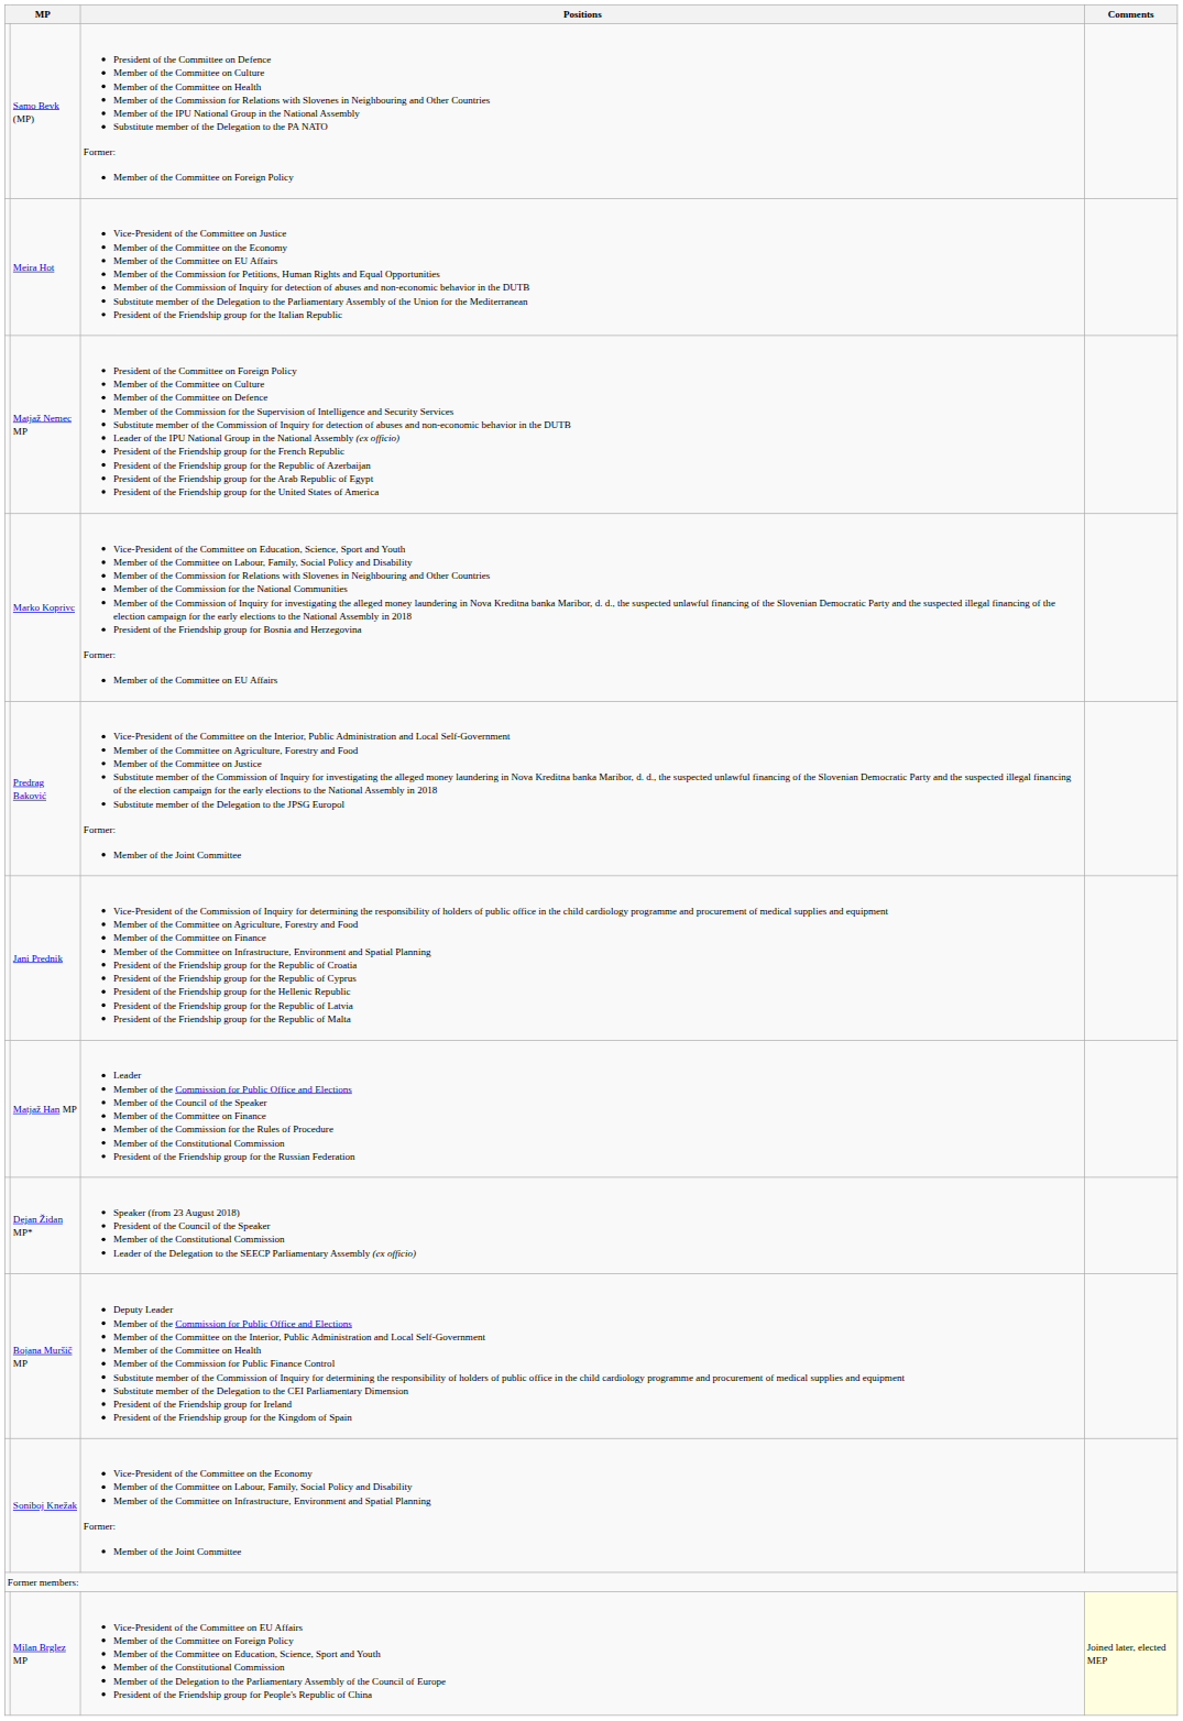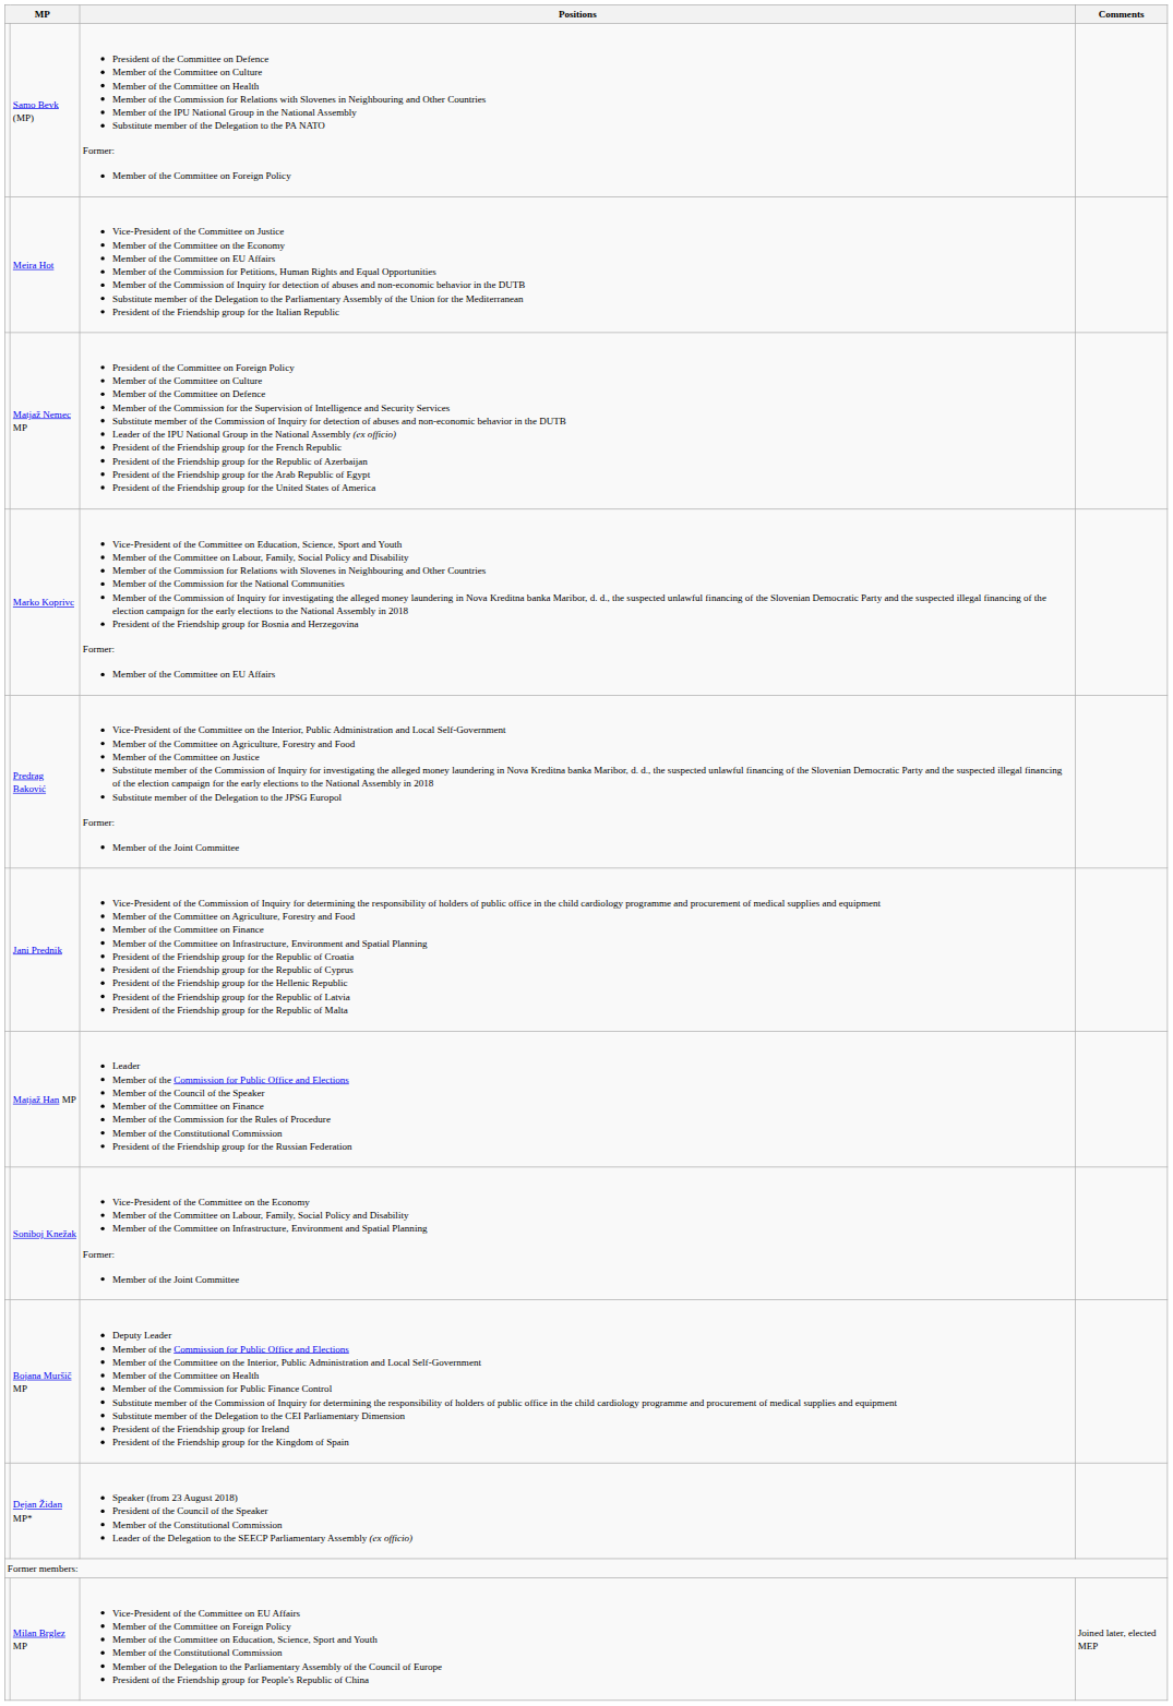 <table class="wikitable">
 <tr>
 <th colspan="2"><small>MP</small></th>
 <th><small>Positions</small></th>
 <th><small>Comments</small></th>
 </tr>
 <tr>
 <td style="background:"></td>
 <td><small><a href='#'>Samo Bevk</a> (MP)</small></td>
 <td><br><ul><li><small>President of the Committee on Defence</small></li><li><small>Member of the Committee on Culture</small></li><li><small>Member of the Committee on Health</small></li><li><small>Member of the Commission for Relations with Slovenes in Neighbouring and Other Countries</small></li><li><small>Member of the IPU National Group in the National Assembly</small></li><li><small>Substitute member of the Delegation to the PA NATO</small></li></ul><small>Former:</small><ul><li><small>Member of the Committee on Foreign Policy</small></li></ul></td>
 <td></td>
 </tr>
 <tr>
 <td style="background:"></td>
 <td><a href='#'><small>Meira Hot</small></a></td>
 <td><br><ul><li><small>Vice-President of the Committee on Justice</small></li><li><small>Member of the Committee on the Economy</small></li><li><small>Member of the Committee on EU Affairs</small></li><li><small>Member of the Commission for Petitions, Human Rights and Equal Opportunities</small></li><li><small>Member of the Commission of Inquiry for detection of abuses and non-economic behavior in the DUTB</small></li><li><small>Substitute member of the Delegation to the Parliamentary Assembly of the Union for the Mediterranean</small></li><li><small>President of the Friendship group for the Italian Republic</small></li></ul></td>
 <td></td>
 </tr>
 <tr>
 <td style="background:"></td>
 <td><small><a href='#'>Matjaž Nemec</a> MP</small></td>
 <td><br><ul><li><small>President of the Committee on Foreign Policy</small></li><li><small>Member of the Committee on Culture</small></li><li><small>Member of the Committee on Defence</small></li><li><small>Member of the Commission for the Supervision of Intelligence and Security Services</small></li><li><small>Substitute member of the Commission of Inquiry for detection of abuses and non-economic behavior in the DUTB</small></li><li><small>Leader of the IPU National Group in the National Assembly <em>(ex officio)</em></small></li><li><small>President of the Friendship group for the French Republic</small></li><li><small>President of the Friendship group for the Republic of Azerbaijan</small></li><li><small>President of the Friendship group for the Arab Republic of Egypt</small></li><li><small>President of the Friendship group for the United States of America</small></li></ul></td>
 <td></td>
 </tr>
 <tr>
 <td style="background:"></td>
 <td><a href='#'><small>Marko Koprivc</small></a></td>
 <td><br><ul><li><small>Vice-President of the Committee on Education, Science, Sport and Youth</small></li><li><small>Member of the Committee on Labour, Family, Social Policy and Disability</small></li><li><small>Member of the Commission for Relations with Slovenes in Neighbouring and Other Countries</small></li><li><small>Member of the Commission for the National Communities</small></li><li><small>Member of the Commission of Inquiry for investigating the alleged money laundering in Nova Kreditna banka Maribor, d. d., the suspected unlawful financing of the Slovenian Democratic Party and the suspected illegal financing of the election campaign for the early elections to the National Assembly in 2018</small></li><li><small>President of the Friendship group for Bosnia and Herzegovina</small></li></ul><small>Former:</small><ul><li><small>Member of the Committee on EU Affairs</small></li></ul></td>
 <td></td>
 </tr>
 <tr>
 <td style="background:"></td>
 <td><a href='#'><small>Predrag Baković</small></a></td>
 <td><br><ul><li><small>Vice-President of the Committee on the Interior, Public Administration and Local Self-Government</small></li><li><small>Member of the Committee on Agriculture, Forestry and Food</small></li><li><small>Member of the Committee on Justice</small></li><li><small>Substitute member of the Commission of Inquiry for investigating the alleged money laundering in Nova Kreditna banka Maribor, d. d., the suspected unlawful financing of the Slovenian Democratic Party and the suspected illegal financing of the election campaign for the early elections to the National Assembly in 2018</small></li><li><small>Substitute member of the Delegation to the JPSG Europol</small></li></ul><small>Former:</small><ul><li><small>Member of the Joint Committee</small></li></ul></td>
 <td></td>
 </tr>
 <tr>
 <td style="background:"></td>
 <td><a href='#'><small>Jani Prednik</small></a></td>
 <td><br><ul><li><small>Vice-President of the Commission of Inquiry for determining the responsibility of holders of public office in the child cardiology programme and procurement of medical supplies and equipment</small></li><li><small>Member of the Committee on Agriculture, Forestry and Food</small></li><li><small>Member of the Committee on Finance</small></li><li><small>Member of the Committee on Infrastructure, Environment and Spatial Planning</small></li><li><small>President of the Friendship group for the Republic of Croatia</small></li><li><small>President of the Friendship group for the Republic of Cyprus</small></li><li><small>President of the Friendship group for the Hellenic Republic</small></li><li><small>President of the Friendship group for the Republic of Latvia</small></li><li><small>President of the Friendship group for the Republic of Malta</small></li></ul></td>
 <td></td>
 </tr>
 <tr>
 <td style="background:"></td>
 <td><small><a href='#'>Matjaž Han</a> MP</small></td>
 <td><br><ul><li><small>Leader</small></li><li><small>Member of the <a href='#'>Commission for Public Office and Elections</a></small></li><li><small>Member of the Council of the Speaker</small></li><li><small>Member of the Committee on Finance</small></li><li><small>Member of the Commission for the Rules of Procedure</small></li><li><small>Member of the Constitutional Commission</small></li><li><small>President of the Friendship group for the Russian Federation</small></li></ul></td>
 <td></td>
 </tr>
 <tr>
 <td style="background:"></td>
-<td><small><a href='#'>Dejan Židan</a> MP*</small></td>
-<td><br><ul><li><small>Speaker (from 23 August 2018)</small></li><li><small>President of the Council of the Speaker</small></li><li><small>Member of the Constitutional Commission</small></li><li><small>Leader of the Delegation to the SEECP Parliamentary Assembly <em>(ex officio)</em></small></li></ul></td>
+<td><a href='#'><small>Soniboj Knežak</small></a></td>
+<td><br><ul><li><small>Vice-President of the Committee on the Economy</small></li><li><small>Member of the Committee on Labour, Family, Social Policy and Disability</small></li><li><small>Member of the Committee on Infrastructure, Environment and Spatial Planning</small></li></ul><small>Former:</small><ul><li><small>Member of the Joint Committee</small></li></ul></td>
 <td></td>
 </tr>
 <tr>
 <td style="background:"></td>
 <td><small><a href='#'>Bojana Muršič</a> MP</small></td>
 <td><br><ul><li><small>Deputy Leader</small></li><li><small>Member of the <a href='#'>Commission for Public Office and Elections</a></small></li><li><small>Member of the Committee on the Interior, Public Administration and Local Self-Government</small></li><li><small>Member of the Committee on Health</small></li><li><small>Member of the Commission for Public Finance Control</small></li><li><small>Substitute member of the Commission of Inquiry for determining the responsibility of holders of public office in the child cardiology programme and procurement of medical supplies and equipment</small></li><li><small>Substitute member of the Delegation to the CEI Parliamentary Dimension</small></li><li><small>President of the Friendship group for  Ireland</small></li><li><small>President of the Friendship group for the Kingdom of Spain</small></li></ul></td>
 <td></td>
 </tr>
 <tr>
 <td style="background:"></td>
-<td><a href='#'><small>Soniboj Knežak</small></a></td>
-<td><br><ul><li><small>Vice-President of the Committee on the Economy</small></li><li><small>Member of the Committee on Labour, Family, Social Policy and Disability</small></li><li><small>Member of the Committee on Infrastructure, Environment and Spatial Planning</small></li></ul><small>Former:</small><ul><li><small>Member of the Joint Committee</small></li></ul></td>
+<td><small><a href='#'>Dejan Židan</a> MP*</small></td>
+<td><br><ul><li><small>Speaker (from 23 August 2018)</small></li><li><small>President of the Council of the Speaker</small></li><li><small>Member of the Constitutional Commission</small></li><li><small>Leader of the Delegation to the SEECP Parliamentary Assembly <em>(ex officio)</em></small></li></ul></td>
 <td></td>
 </tr>
 <tr>
 <td colspan="4"><small>Former members:</small></td>
 </tr>
 <tr>
 <td style="background:"></td>
 <td><small><a href='#'>Milan Brglez</a> MP</small></td>
 <td><br><ul><li><small>Vice-President of the Committee on EU Affairs</small></li><li><small>Member of the Committee on Foreign Policy</small></li><li><small>Member of the Committee on Education, Science, Sport and Youth</small></li><li><small>Member of the Constitutional Commission</small></li><li><small>Member of the Delegation to the Parliamentary Assembly of the Council of Europe</small></li><li><small>President of the Friendship group for People's Republic of China</small></li></ul></td>
-<td style="background: lightyellow;"><small>Joined later, elected MEP</small></td>
+<td><small>Joined later, elected MEP</small></td>
 </tr>
 </table>
